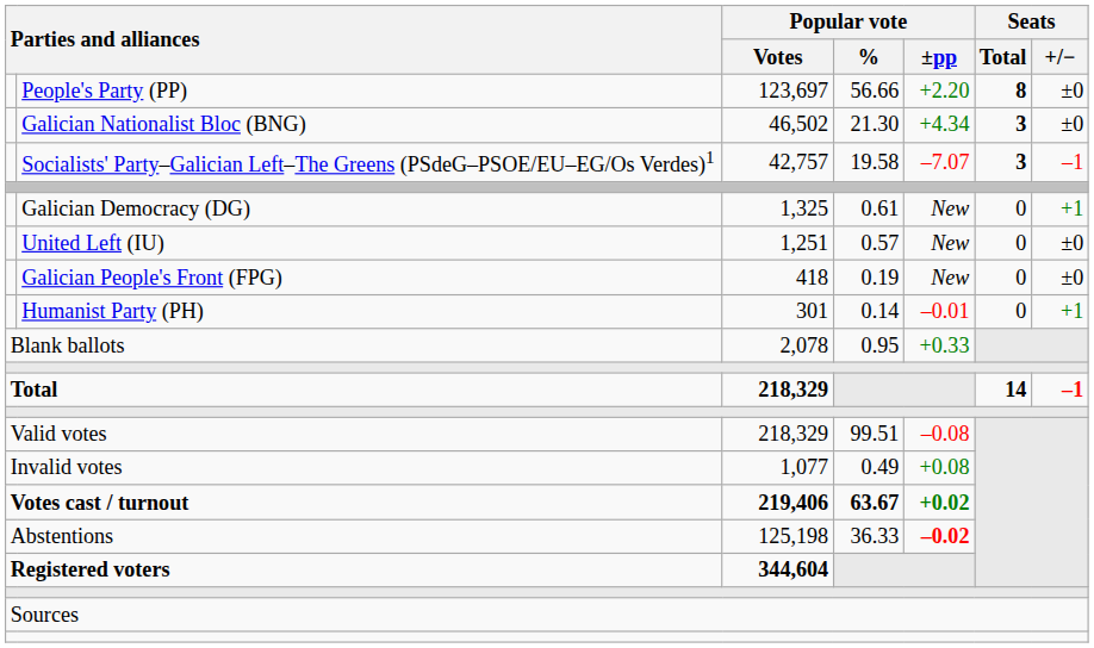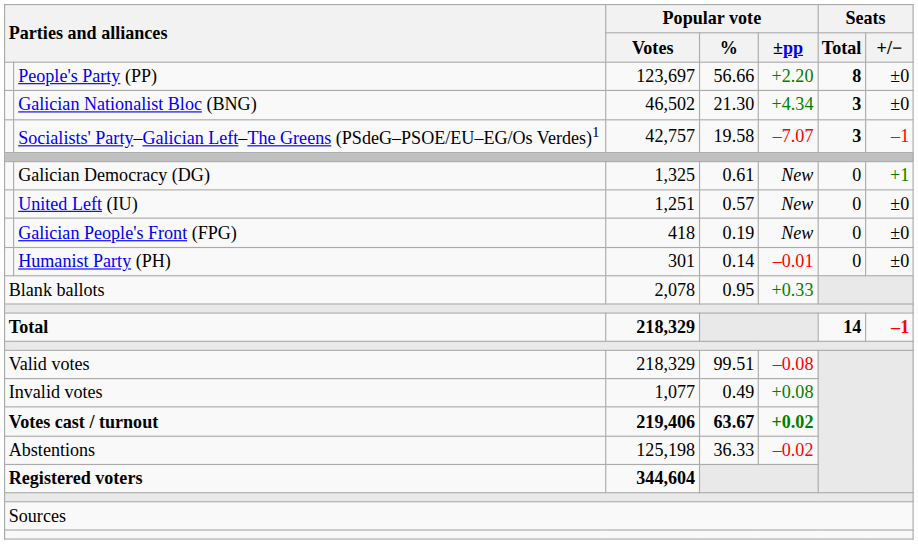 <table class="wikitable" style="text-align:right;">
 <tr>
 <th style="text-align:left;" rowspan="2" colspan="2" width="525">Parties and alliances</th>
 <th colspan="3">Popular vote</th>
 <th colspan="2">Seats</th>
 </tr>
 <tr>
 <th width="75">Votes</th>
 <th width="45">%</th>
 <th width="45">±<a href='#'>pp</a></th>
 <th width="35">Total</th>
 <th width="35">+/−</th>
 </tr>
 <tr>
 <td width="1" style="color:inherit;background:"></td>
 <td align="left"><a href='#'>People's Party</a> (PP)</td>
 <td>123,697</td>
 <td>56.66</td>
 <td style="color:green;">+2.20</td>
 <td><strong>8</strong></td>
 <td>±0</td>
 </tr>
 <tr>
 <td style="color:inherit;background:"></td>
 <td align="left"><a href='#'>Galician Nationalist Bloc</a> (BNG)</td>
 <td>46,502</td>
 <td>21.30</td>
 <td style="color:green;">+4.34</td>
 <td><strong>3</strong></td>
 <td>±0</td>
 </tr>
 <tr>
 <td style="color:inherit;background:"></td>
 <td align="left"><a href='#'>Socialists' Party</a>–<a href='#'>Galician Left</a>–<a href='#'>The Greens</a> (PSdeG–PSOE/EU–EG/Os Verdes)<sup>1</sup></td>
 <td>42,757</td>
 <td>19.58</td>
 <td style="color:red;">–7.07</td>
 <td><strong>3</strong></td>
 <td style="color:red;">–1</td>
 </tr>
 <tr>
 <td colspan="7" bgcolor="#C0C0C0"></td>
 </tr>
 <tr>
 <td style="color:inherit;background:"></td>
 <td align="left">Galician Democracy (DG)</td>
 <td>1,325</td>
 <td>0.61</td>
 <td><em>New</em></td>
 <td>0</td>
 <td style="color:green;">+1</td>
 </tr>
 <tr>
 <td style="color:inherit;background:"></td>
 <td align="left"><a href='#'>United Left</a> (IU)</td>
 <td>1,251</td>
 <td>0.57</td>
 <td><em>New</em></td>
 <td>0</td>
 <td>±0</td>
 </tr>
 <tr>
 <td style="color:inherit;background:"></td>
 <td align="left"><a href='#'>Galician People's Front</a> (FPG)</td>
 <td>418</td>
 <td>0.19</td>
 <td><em>New</em></td>
 <td>0</td>
 <td>±0</td>
 </tr>
 <tr>
 <td style="color:inherit;background:"></td>
 <td align="left"><a href='#'>Humanist Party</a> (PH)</td>
 <td>301</td>
 <td>0.14</td>
 <td style="color:red;">–0.01</td>
 <td>0</td>
-<td style="color:green;">+1</td>
+<td>±0</td>
 </tr>
 <tr>
 <td align="left" colspan="2">Blank ballots</td>
 <td>2,078</td>
 <td>0.95</td>
 <td style="color:green;">+0.33</td>
 <td bgcolor="#E9E9E9" colspan="2"></td>
 </tr>
 <tr>
 <td colspan="7" bgcolor="#E9E9E9"></td>
 </tr>
 <tr style="font-weight:bold;">
 <td align="left" colspan="2">Total</td>
 <td>218,329</td>
 <td bgcolor="#E9E9E9" colspan="2"></td>
 <td>14</td>
 <td style="color:red;">–1</td>
 </tr>
 <tr>
 <td colspan="7" bgcolor="#E9E9E9"></td>
 </tr>
 <tr>
 <td align="left" colspan="2">Valid votes</td>
 <td>218,329</td>
 <td>99.51</td>
 <td style="color:red;">–0.08</td>
 <td bgcolor="#E9E9E9" colspan="7" rowspan="5"></td>
 </tr>
 <tr>
 <td align="left" colspan="2">Invalid votes</td>
 <td>1,077</td>
 <td>0.49</td>
 <td style="color:green;">+0.08</td>
 </tr>
 <tr style="font-weight:bold;">
 <td align="left" colspan="2">Votes cast / turnout</td>
 <td>219,406</td>
 <td>63.67</td>
 <td style="color:green;">+0.02</td>
 </tr>
 <tr>
 <td align="left" colspan="2">Abstentions</td>
 <td>125,198</td>
 <td>36.33</td>
-<td style="color:red;"><strong>–0.02</strong></td>
+<td style="color:red;">–0.02</td>
 </tr>
 <tr style="font-weight:bold;">
 <td align="left" colspan="2">Registered voters</td>
 <td>344,604</td>
 <td bgcolor="#E9E9E9" colspan="2"></td>
 </tr>
 <tr>
 <td colspan="7" bgcolor="#E9E9E9"></td>
 </tr>
 <tr>
 <td align="left" colspan="7">Sources</td>
 </tr>
 <tr>
 <td colspan="7" style="text-align:left; max-width:790px;"></td>
 </tr>
 </table>
